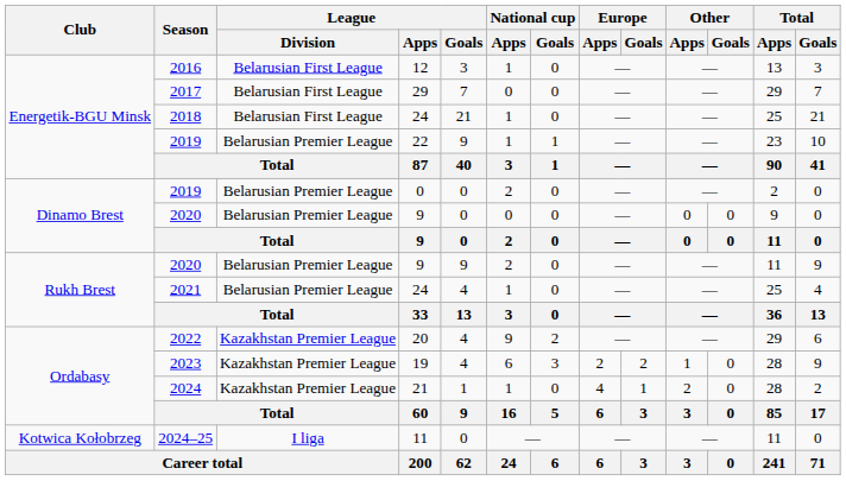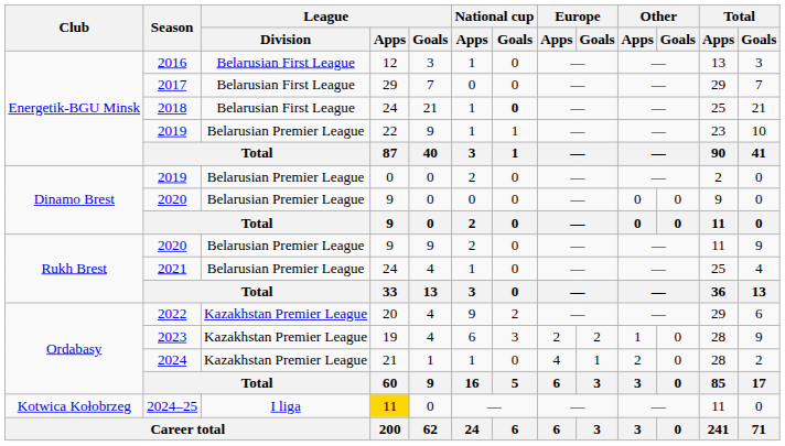 <table class="wikitable" style="text-align: center;">
 <tr>
 <th rowspan="2">Club</th>
 <th rowspan="2">Season</th>
 <th colspan="3">League</th>
 <th colspan="2">National cup</th>
 <th colspan="2">Europe</th>
 <th colspan="2">Other</th>
 <th colspan="2">Total</th>
 </tr>
 <tr>
 <th>Division</th>
 <th>Apps</th>
 <th>Goals</th>
 <th>Apps</th>
 <th>Goals</th>
 <th>Apps</th>
 <th>Goals</th>
 <th>Apps</th>
 <th>Goals</th>
 <th>Apps</th>
 <th>Goals</th>
 </tr>
 <tr>
 <td rowspan="5"><a href='#'>Energetik-BGU Minsk</a></td>
 <td><a href='#'>2016</a></td>
 <td><a href='#'>Belarusian First League</a></td>
 <td>12</td>
 <td>3</td>
 <td>1</td>
 <td>0</td>
 <td colspan="2">—</td>
 <td colspan="2">—</td>
 <td>13</td>
 <td>3</td>
 </tr>
 <tr>
 <td><a href='#'>2017</a></td>
 <td>Belarusian First League</td>
 <td>29</td>
 <td>7</td>
 <td>0</td>
 <td>0</td>
 <td colspan="2">—</td>
 <td colspan="2">—</td>
 <td>29</td>
 <td>7</td>
 </tr>
 <tr>
 <td><a href='#'>2018</a></td>
 <td>Belarusian First League</td>
 <td>24</td>
 <td>21</td>
 <td>1</td>
-<td>0</td>
+<td><strong>0</strong></td>
 <td colspan="2">—</td>
 <td colspan="2">—</td>
 <td>25</td>
 <td>21</td>
 </tr>
 <tr>
 <td><a href='#'>2019</a></td>
 <td>Belarusian Premier League</td>
 <td>22</td>
 <td>9</td>
 <td>1</td>
 <td>1</td>
 <td colspan="2">—</td>
 <td colspan="2">—</td>
 <td>23</td>
 <td>10</td>
 </tr>
 <tr>
 <th colspan="2">Total</th>
 <th>87</th>
 <th>40</th>
 <th>3</th>
 <th>1</th>
 <th colspan="2">—</th>
 <th colspan="2">—</th>
 <th>90</th>
 <th>41</th>
 </tr>
 <tr>
 <td rowspan="3"><a href='#'>Dinamo Brest</a></td>
 <td><a href='#'>2019</a></td>
 <td>Belarusian Premier League</td>
 <td>0</td>
 <td>0</td>
 <td>2</td>
 <td>0</td>
 <td colspan="2">—</td>
 <td colspan="2">—</td>
 <td>2</td>
 <td>0</td>
 </tr>
 <tr>
 <td><a href='#'>2020</a></td>
 <td>Belarusian Premier League</td>
 <td>9</td>
 <td>0</td>
 <td>0</td>
 <td>0</td>
 <td colspan="2">—</td>
 <td>0</td>
 <td>0</td>
 <td>9</td>
 <td>0</td>
 </tr>
 <tr>
 <th colspan="2">Total</th>
 <th>9</th>
 <th>0</th>
 <th>2</th>
 <th>0</th>
 <th colspan="2">—</th>
 <th>0</th>
 <th>0</th>
 <th>11</th>
 <th>0</th>
 </tr>
 <tr>
 <td rowspan="3"><a href='#'>Rukh Brest</a></td>
 <td><a href='#'>2020</a></td>
 <td>Belarusian Premier League</td>
 <td>9</td>
 <td>9</td>
 <td>2</td>
 <td>0</td>
 <td colspan="2">—</td>
 <td colspan="2">—</td>
 <td>11</td>
 <td>9</td>
 </tr>
 <tr>
 <td><a href='#'>2021</a></td>
 <td>Belarusian Premier League</td>
 <td>24</td>
 <td>4</td>
 <td>1</td>
 <td>0</td>
 <td colspan="2">—</td>
 <td colspan="2">—</td>
 <td>25</td>
 <td>4</td>
 </tr>
 <tr>
 <th colspan="2">Total</th>
 <th>33</th>
 <th>13</th>
 <th>3</th>
 <th>0</th>
 <th colspan="2">—</th>
 <th colspan="2">—</th>
 <th>36</th>
 <th>13</th>
 </tr>
 <tr>
 <td rowspan="4"><a href='#'>Ordabasy</a></td>
 <td><a href='#'>2022</a></td>
 <td><a href='#'>Kazakhstan Premier League</a></td>
 <td>20</td>
 <td>4</td>
 <td>9</td>
 <td>2</td>
 <td colspan="2">—</td>
 <td colspan="2">—</td>
 <td>29</td>
 <td>6</td>
 </tr>
 <tr>
 <td><a href='#'>2023</a></td>
 <td>Kazakhstan Premier League</td>
 <td>19</td>
 <td>4</td>
 <td>6</td>
 <td>3</td>
 <td>2</td>
 <td>2</td>
 <td>1</td>
 <td>0</td>
 <td>28</td>
 <td>9</td>
 </tr>
 <tr>
 <td><a href='#'>2024</a></td>
 <td>Kazakhstan Premier League</td>
 <td>21</td>
 <td>1</td>
 <td>1</td>
 <td>0</td>
 <td>4</td>
 <td>1</td>
 <td>2</td>
 <td>0</td>
 <td>28</td>
 <td>2</td>
 </tr>
 <tr>
 <th colspan="2">Total</th>
 <th>60</th>
 <th>9</th>
 <th>16</th>
 <th>5</th>
 <th>6</th>
 <th>3</th>
 <th>3</th>
 <th>0</th>
 <th>85</th>
 <th>17</th>
 </tr>
 <tr>
 <td><a href='#'>Kotwica Kołobrzeg</a></td>
 <td><a href='#'>2024–25</a></td>
 <td><a href='#'>I liga</a></td>
-<td>11</td>
+<td style="background: gold;">11</td>
 <td>0</td>
 <td colspan="2">—</td>
 <td colspan="2">—</td>
 <td colspan="2">—</td>
 <td>11</td>
 <td>0</td>
 </tr>
 <tr>
 <th colspan="3">Career total</th>
 <th>200</th>
 <th>62</th>
 <th>24</th>
 <th>6</th>
 <th>6</th>
 <th>3</th>
 <th>3</th>
 <th>0</th>
 <th>241</th>
 <th>71</th>
 </tr>
 </table>
